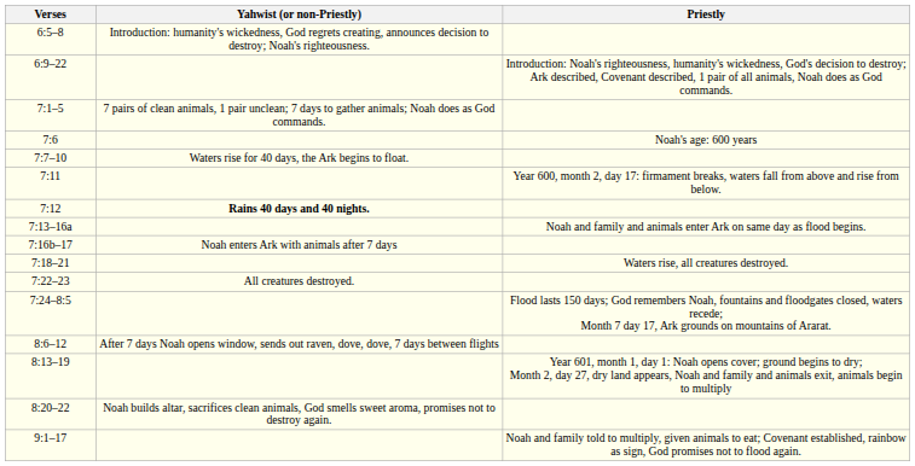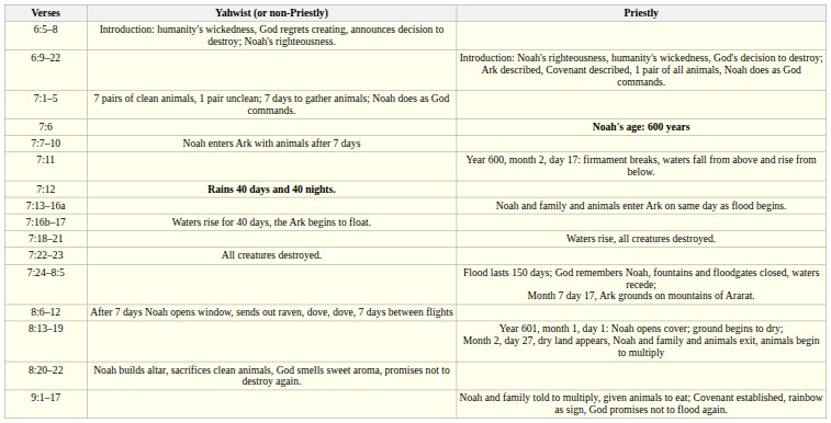 <table class="wikitable" style="align: center;">
 <tr>
 <th style="width:10%;">Verses<br></th>
 <th style="width:45%;">Yahwist (or non-Priestly)<br></th>
 <th style="width:45%;">Priestly<br></th>
 </tr>
 <tr style="text-align:center; background:#ffffec; vertical-align:top;">
 <td style="text-align:center;">6:5–8</td>
 <td style="text-align:center;">Introduction: humanity's wickedness, God regrets creating, announces decision to destroy; Noah's righteousness.</td>
 <td style="text-align:centre;"></td>
 </tr>
 <tr style="text-align:center; background:#ffffec; vertical-align:top;">
 <td style="text-align:center;">6:9–22</td>
 <td style="text-align:center;"></td>
 <td style="text-align:centre;">Introduction: Noah's righteousness, humanity's wickedness, God's decision to destroy; Ark described, Covenant described, 1 pair of all animals, Noah does as God commands.</td>
 </tr>
 <tr style="text-align:center; background:#ffffec; vertical-align:top;">
 <td style="text-align:center;">7:1–5</td>
 <td style="text-align:center;">7 pairs of clean animals, 1 pair unclean; 7 days to gather animals; Noah does as God commands.</td>
 <td style="text-align:centre;"></td>
 </tr>
 <tr style="text-align:center; background:#ffffec; vertical-align:top;">
 <td style="text-align:center;">7:6</td>
 <td style="text-align:center;"></td>
-<td style="text-align:centre;">Noah's age: 600 years</td>
+<td style="text-align:centre;"><strong>Noah's age: 600 years</strong></td>
 </tr>
 <tr style="text-align:center; background:#ffffec; vertical-align:top;">
 <td style="text-align:center;">7:7–10</td>
-<td style="text-align:center;">Waters rise for 40 days, the Ark begins to float.</td>
+<td style="text-align:center;">Noah enters Ark with animals after 7 days</td>
 <td style="text-align:centre;"></td>
 </tr>
 <tr style="text-align:center; background:#ffffec; vertical-align:top;">
 <td style="text-align:center;">7:11</td>
 <td style="text-align:center;"></td>
 <td style="text-align:centre;">Year 600, month 2, day 17: firmament breaks, waters fall from above and rise from below.</td>
 </tr>
 <tr style="text-align:center; background:#ffffec; vertical-align:top;">
 <td style="text-align:center;">7:12</td>
 <td style="text-align:center;"><strong>Rains 40 days and 40 nights.</strong></td>
 <td style="text-align:centre;"></td>
 </tr>
 <tr style="text-align:center; background:#ffffec; vertical-align:top;">
 <td style="text-align:center;">7:13–16a</td>
 <td style="text-align:center;"></td>
 <td style="text-align:centre;">Noah and family and animals enter Ark on same day as flood begins.</td>
 </tr>
 <tr style="text-align:center; background:#ffffec; vertical-align:top;">
 <td style="text-align:center;">7:16b–17</td>
-<td style="text-align:center;">Noah enters Ark with animals after 7 days</td>
+<td style="text-align:center;">Waters rise for 40 days, the Ark begins to float.</td>
 <td style="text-align:centre;"></td>
 </tr>
 <tr style="text-align:center; background:#ffffec; vertical-align:top;">
 <td style="text-align:center;">7:18–21</td>
 <td style="text-align:center;"></td>
 <td style="text-align:centre;">Waters rise, all creatures destroyed.</td>
 </tr>
 <tr style="text-align:center; background:#ffffec; vertical-align:top;">
 <td style="text-align:center;">7:22–23</td>
 <td style="text-align:center;">All creatures destroyed.</td>
 <td style="text-align:centre;"></td>
 </tr>
 <tr style="text-align:center; background:#ffffec; vertical-align:top;">
 <td style="text-align:center;">7:24–8:5</td>
 <td style="text-align:center;"></td>
 <td style="text-align:centre;">Flood lasts 150 days; God remembers Noah, fountains and floodgates closed, waters recede; <br>Month 7 day 17, Ark grounds on mountains of Ararat.</td>
 </tr>
 <tr style="text-align:center; background:#ffffec; vertical-align:top;">
 <td style="text-align:center;">8:6–12</td>
 <td style="text-align:center;">After 7 days Noah opens window, sends out raven, dove, dove, 7 days between flights</td>
 <td style="text-align:centre;"></td>
 </tr>
 <tr style="text-align:center; background:#ffffec; vertical-align:top;">
 <td style="text-align:center;">8:13–19</td>
 <td style="text-align:center;"></td>
 <td style="text-align:centre;">Year 601, month 1, day 1: Noah opens cover; ground begins to dry;<br>Month 2, day 27, dry land appears, Noah and family and animals exit, animals begin to multiply</td>
 </tr>
 <tr style="text-align:center; background:#ffffec; vertical-align:top;">
 <td style="text-align:center;">8:20–22</td>
 <td style="text-align:center;">Noah builds altar, sacrifices clean animals, God smells sweet aroma, promises not to destroy again.</td>
 <td style="text-align:centre;"></td>
 </tr>
 <tr style="text-align:center; background:#ffffec; vertical-align:top;">
 <td style="text-align:center;">9:1–17</td>
 <td style="text-align:center;"></td>
 <td style="text-align:centre;">Noah and family told to multiply, given animals to eat; Covenant established, rainbow as sign, God promises not to flood again.</td>
 </tr>
 </table>
